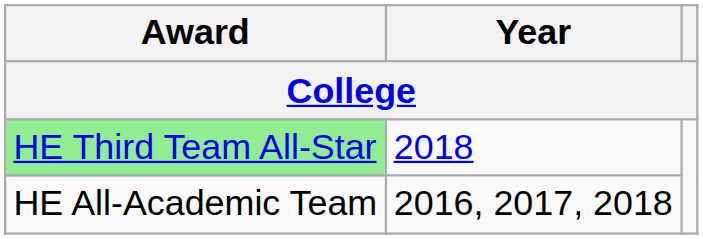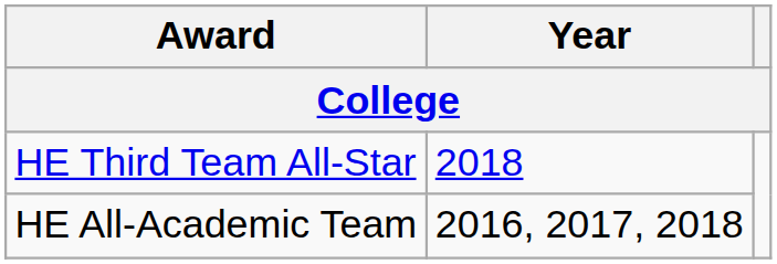 <table class="wikitable">
 <tr>
 <th>Award</th>
 <th>Year</th>
 <th></th>
 </tr>
 <tr>
 <th colspan="3"><a href='#'>College</a></th>
 </tr>
 <tr>
-<td style="background: lightgreen;"><a href='#'>HE Third Team All-Star</a></td>
+<td><a href='#'>HE Third Team All-Star</a></td>
 <td><a href='#'>2018</a></td>
 <td rowspan="2"></td>
 </tr>
 <tr>
 <td>HE All-Academic Team</td>
 <td>2016, 2017, 2018</td>
 </tr>
 </table>
